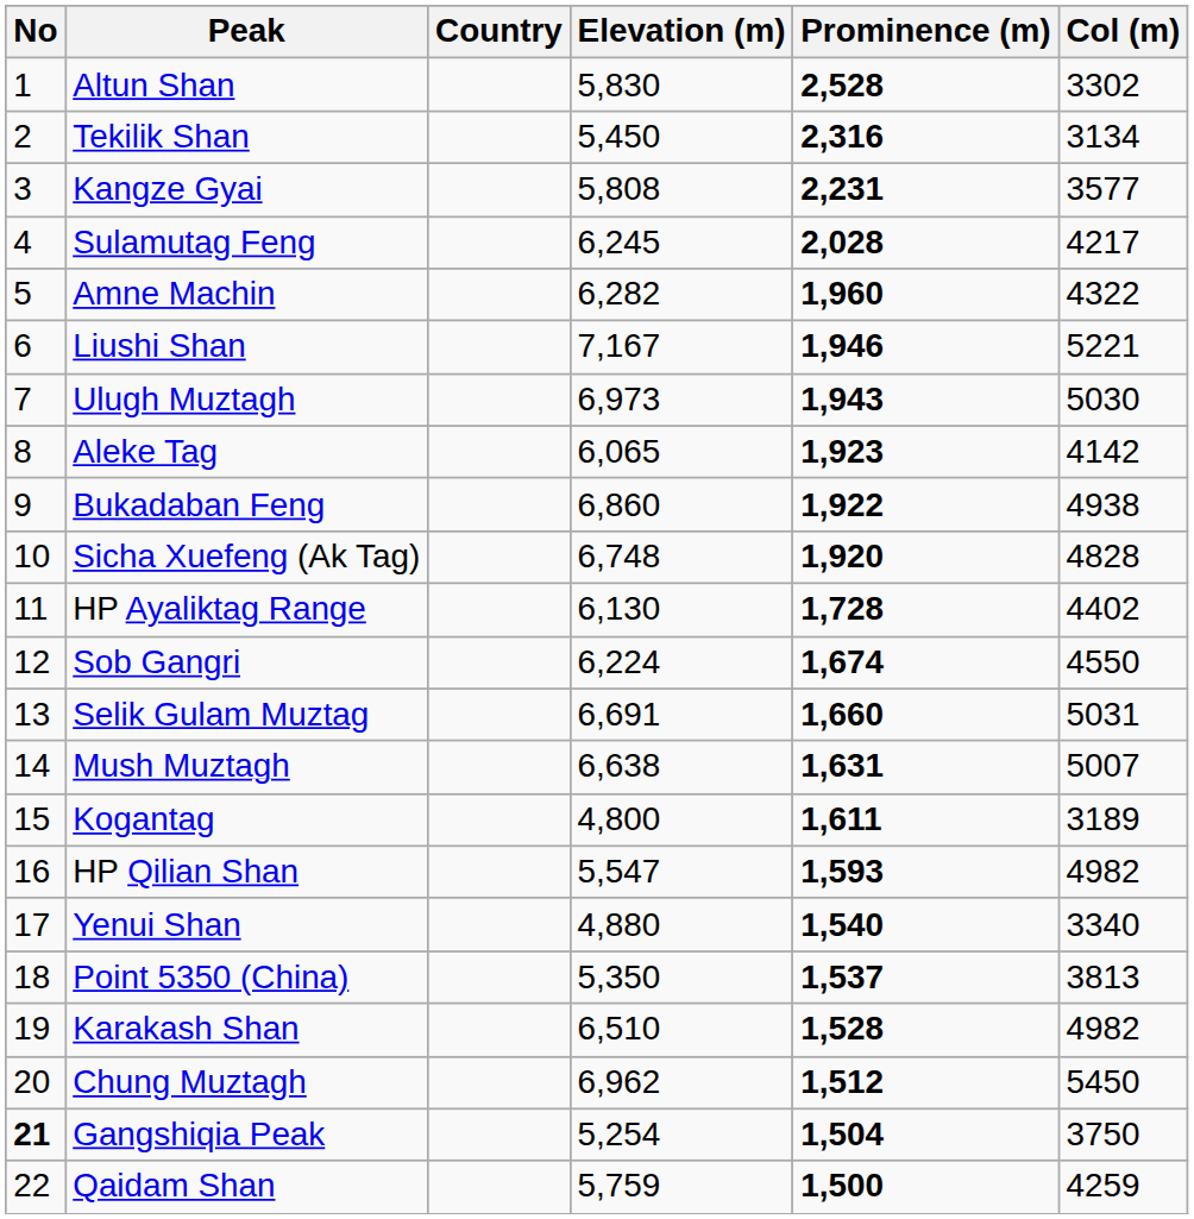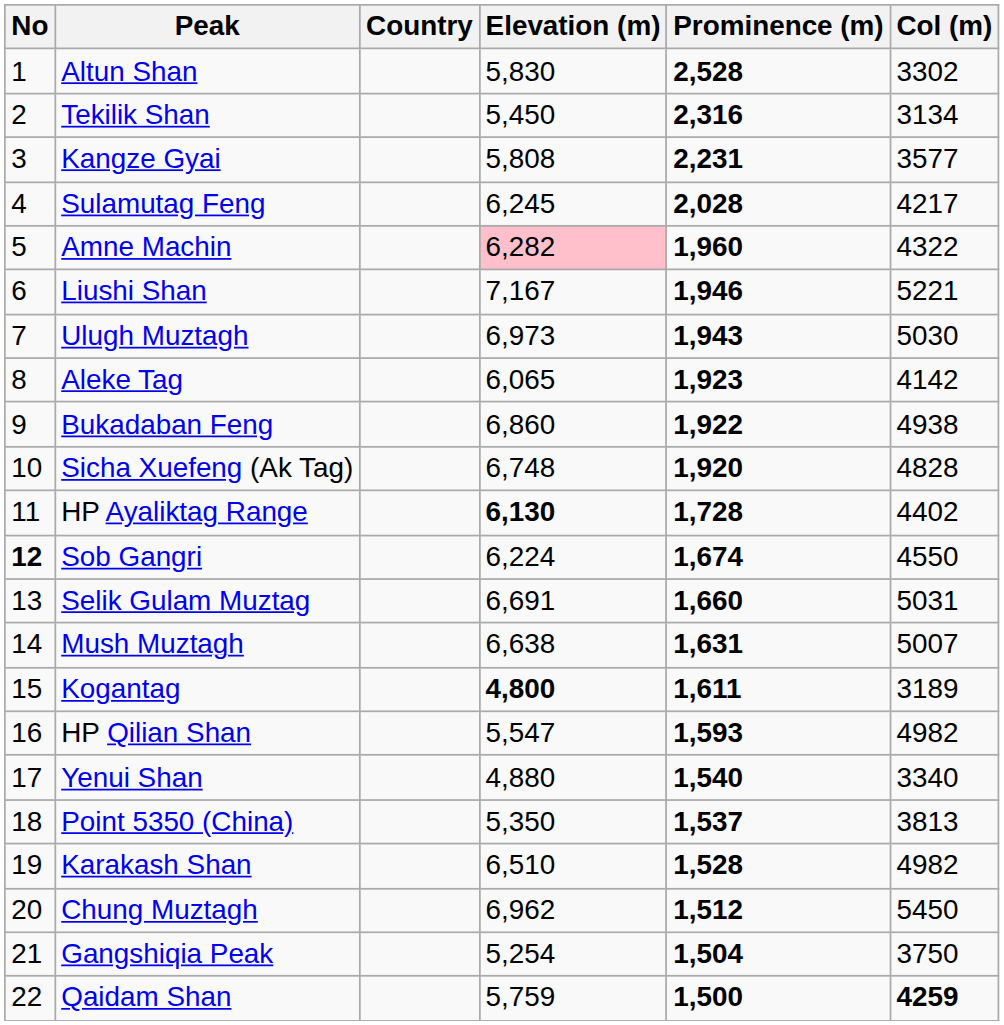 <table class="wikitable sortable">
 <tr>
 <th>No</th>
 <th>Peak</th>
 <th>Country</th>
 <th>Elevation (m)</th>
 <th>Prominence (m)</th>
 <th>Col (m)</th>
 </tr>
 <tr>
 <td>1</td>
 <td><a href='#'>Altun Shan</a></td>
 <td></td>
 <td>5,830</td>
 <td><strong>2,528</strong></td>
 <td>3302</td>
 </tr>
 <tr>
 <td>2</td>
 <td><a href='#'>Tekilik Shan</a></td>
 <td></td>
 <td>5,450</td>
 <td><strong>2,316</strong></td>
 <td>3134</td>
 </tr>
 <tr>
 <td>3</td>
 <td><a href='#'>Kangze Gyai</a></td>
 <td></td>
 <td>5,808</td>
 <td><strong>2,231</strong></td>
 <td>3577</td>
 </tr>
 <tr>
 <td>4</td>
 <td><a href='#'>Sulamutag Feng</a></td>
 <td></td>
 <td>6,245</td>
 <td><strong>2,028</strong></td>
 <td>4217</td>
 </tr>
 <tr>
 <td>5</td>
 <td><a href='#'>Amne Machin</a></td>
 <td></td>
-<td>6,282</td>
+<td style="background: pink;">6,282</td>
 <td><strong>1,960</strong></td>
 <td>4322</td>
 </tr>
 <tr>
 <td>6</td>
 <td><a href='#'>Liushi Shan</a></td>
 <td></td>
 <td>7,167</td>
 <td><strong>1,946</strong></td>
 <td>5221</td>
 </tr>
 <tr>
 <td>7</td>
 <td><a href='#'>Ulugh Muztagh</a></td>
 <td></td>
 <td>6,973</td>
 <td><strong>1,943</strong></td>
 <td>5030</td>
 </tr>
 <tr>
 <td>8</td>
 <td><a href='#'>Aleke Tag</a></td>
 <td></td>
 <td>6,065</td>
 <td><strong>1,923</strong></td>
 <td>4142</td>
 </tr>
 <tr>
 <td>9</td>
 <td><a href='#'>Bukadaban Feng</a></td>
 <td></td>
 <td>6,860</td>
 <td><strong>1,922</strong></td>
 <td>4938</td>
 </tr>
 <tr>
 <td>10</td>
 <td><a href='#'>Sicha Xuefeng</a> (Ak Tag)</td>
 <td></td>
 <td>6,748</td>
 <td><strong>1,920</strong></td>
 <td>4828</td>
 </tr>
 <tr>
 <td>11</td>
 <td>HP <a href='#'>Ayaliktag Range</a></td>
 <td></td>
-<td>6,130</td>
+<td><strong>6,130</strong></td>
 <td><strong>1,728</strong></td>
 <td>4402</td>
 </tr>
 <tr>
-<td>12</td>
+<td><strong>12</strong></td>
 <td><a href='#'>Sob Gangri</a></td>
 <td></td>
 <td>6,224</td>
 <td><strong>1,674</strong></td>
 <td>4550</td>
 </tr>
 <tr>
 <td>13</td>
 <td><a href='#'>Selik Gulam Muztag</a></td>
 <td></td>
 <td>6,691</td>
 <td><strong>1,660</strong></td>
 <td>5031</td>
 </tr>
 <tr>
 <td>14</td>
 <td><a href='#'>Mush Muztagh</a></td>
 <td></td>
 <td>6,638</td>
 <td><strong>1,631</strong></td>
 <td>5007</td>
 </tr>
 <tr>
 <td>15</td>
 <td><a href='#'>Kogantag</a></td>
 <td></td>
-<td>4,800</td>
+<td><strong>4,800</strong></td>
 <td><strong>1,611</strong></td>
 <td>3189</td>
 </tr>
 <tr>
 <td>16</td>
 <td>HP <a href='#'>Qilian Shan</a></td>
 <td></td>
 <td>5,547</td>
 <td><strong>1,593</strong></td>
 <td>4982</td>
 </tr>
 <tr>
 <td>17</td>
 <td><a href='#'>Yenui Shan</a></td>
 <td></td>
 <td>4,880</td>
 <td><strong>1,540</strong></td>
 <td>3340</td>
 </tr>
 <tr>
 <td>18</td>
 <td><a href='#'>Point 5350 (China)</a></td>
 <td></td>
 <td>5,350</td>
 <td><strong>1,537</strong></td>
 <td>3813</td>
 </tr>
 <tr>
 <td>19</td>
 <td><a href='#'>Karakash Shan</a></td>
 <td></td>
 <td>6,510</td>
 <td><strong>1,528</strong></td>
 <td>4982</td>
 </tr>
 <tr>
 <td>20</td>
 <td><a href='#'>Chung Muztagh</a></td>
 <td></td>
 <td>6,962</td>
 <td><strong>1,512</strong></td>
 <td>5450</td>
 </tr>
 <tr>
-<td><strong>21</strong></td>
+<td>21</td>
 <td><a href='#'>Gangshiqia Peak</a></td>
 <td></td>
 <td>5,254</td>
 <td><strong>1,504</strong></td>
 <td>3750</td>
 </tr>
 <tr>
 <td>22</td>
 <td><a href='#'>Qaidam Shan</a></td>
 <td></td>
 <td>5,759</td>
 <td><strong>1,500</strong></td>
-<td>4259</td>
+<td><strong>4259</strong></td>
 </tr>
 <tr>
 </tr>
 </table>
